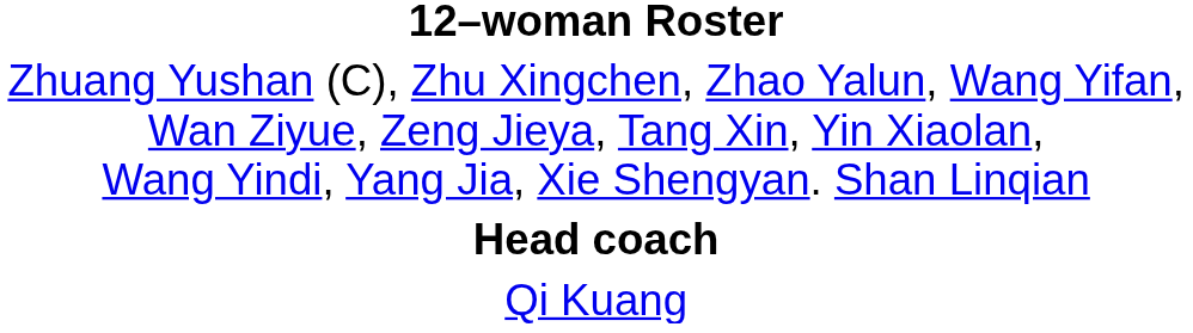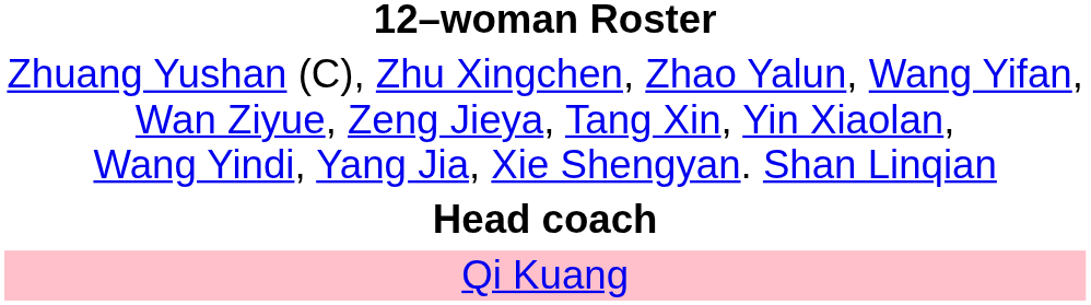 <table style="text-align:center; margin-top:2em; margin-left:auto; margin-right:auto">
 <tr>
 <td><strong>12–woman Roster</strong></td>
 </tr>
 <tr>
 <td><a href='#'>Zhuang Yushan</a> (C), <a href='#'>Zhu Xingchen</a>, <a href='#'>Zhao Yalun</a>, <a href='#'>Wang Yifan</a>, <br> <a href='#'>Wan Ziyue</a>, <a href='#'>Zeng Jieya</a>, <a href='#'>Tang Xin</a>, <a href='#'>Yin Xiaolan</a>,<br> <a href='#'>Wang Yindi</a>, <a href='#'>Yang Jia</a>, <a href='#'>Xie Shengyan</a>. <a href='#'>Shan Linqian</a></td>
 </tr>
 <tr>
 <td><strong>Head coach</strong></td>
 </tr>
 <tr>
-<td><a href='#'>Qi Kuang</a></td>
+<td style="background: pink;"><a href='#'>Qi Kuang</a></td>
 </tr>
 </table>
